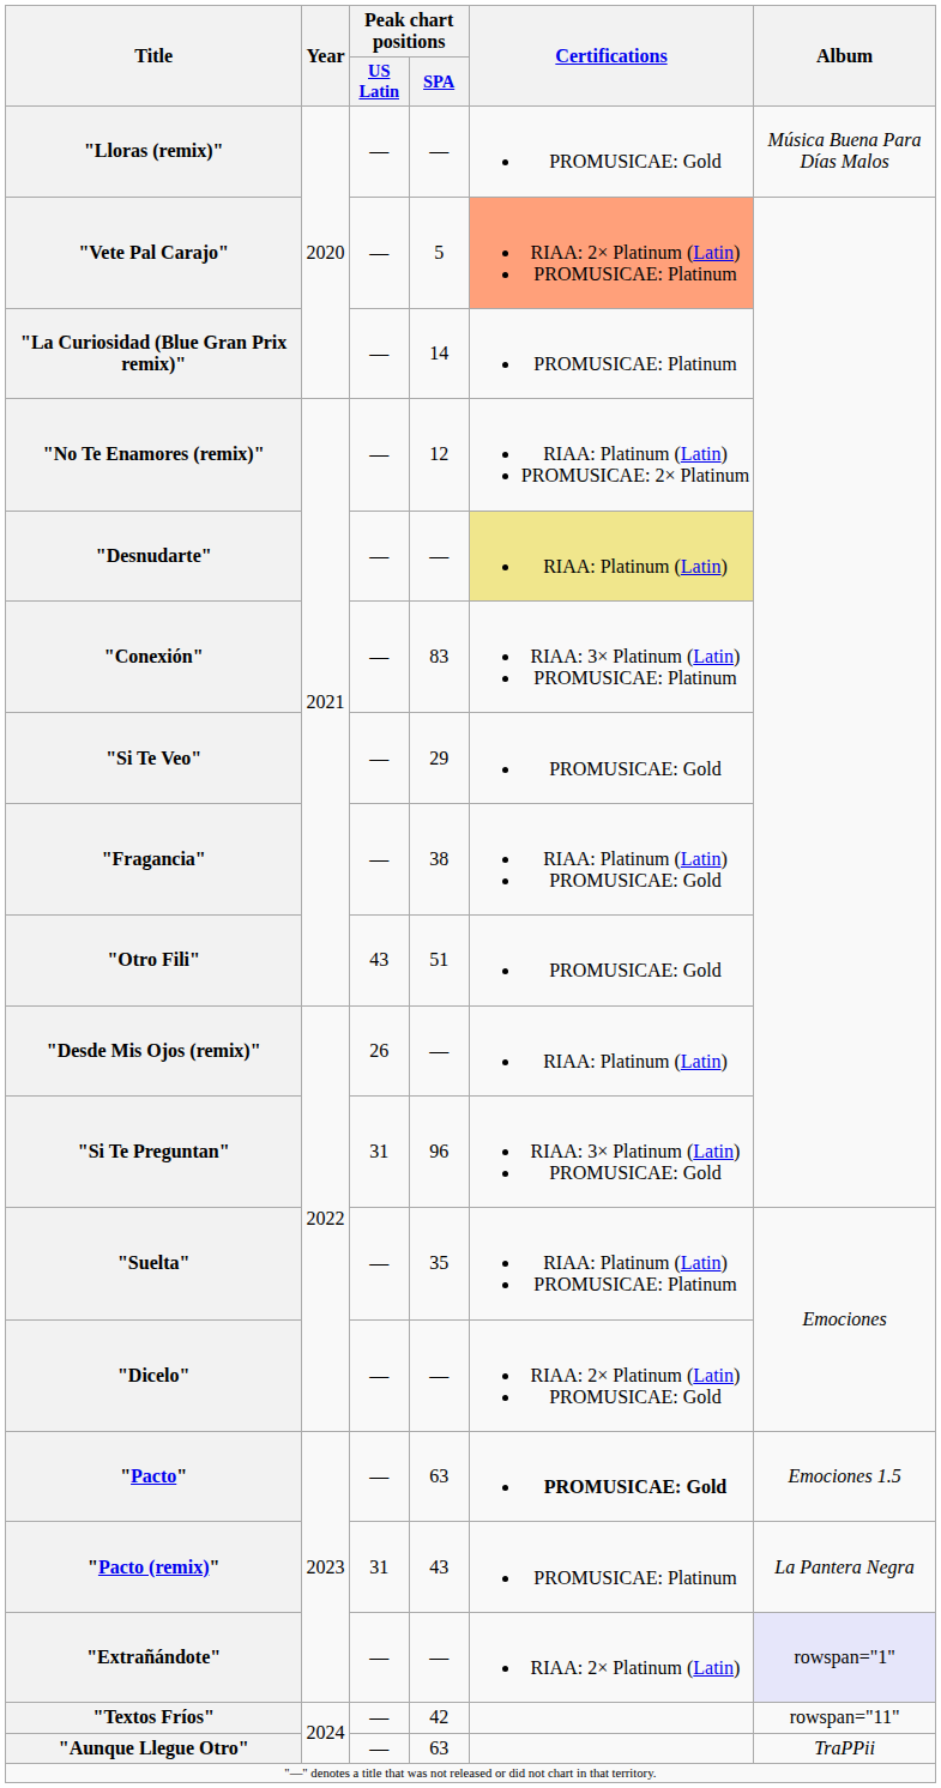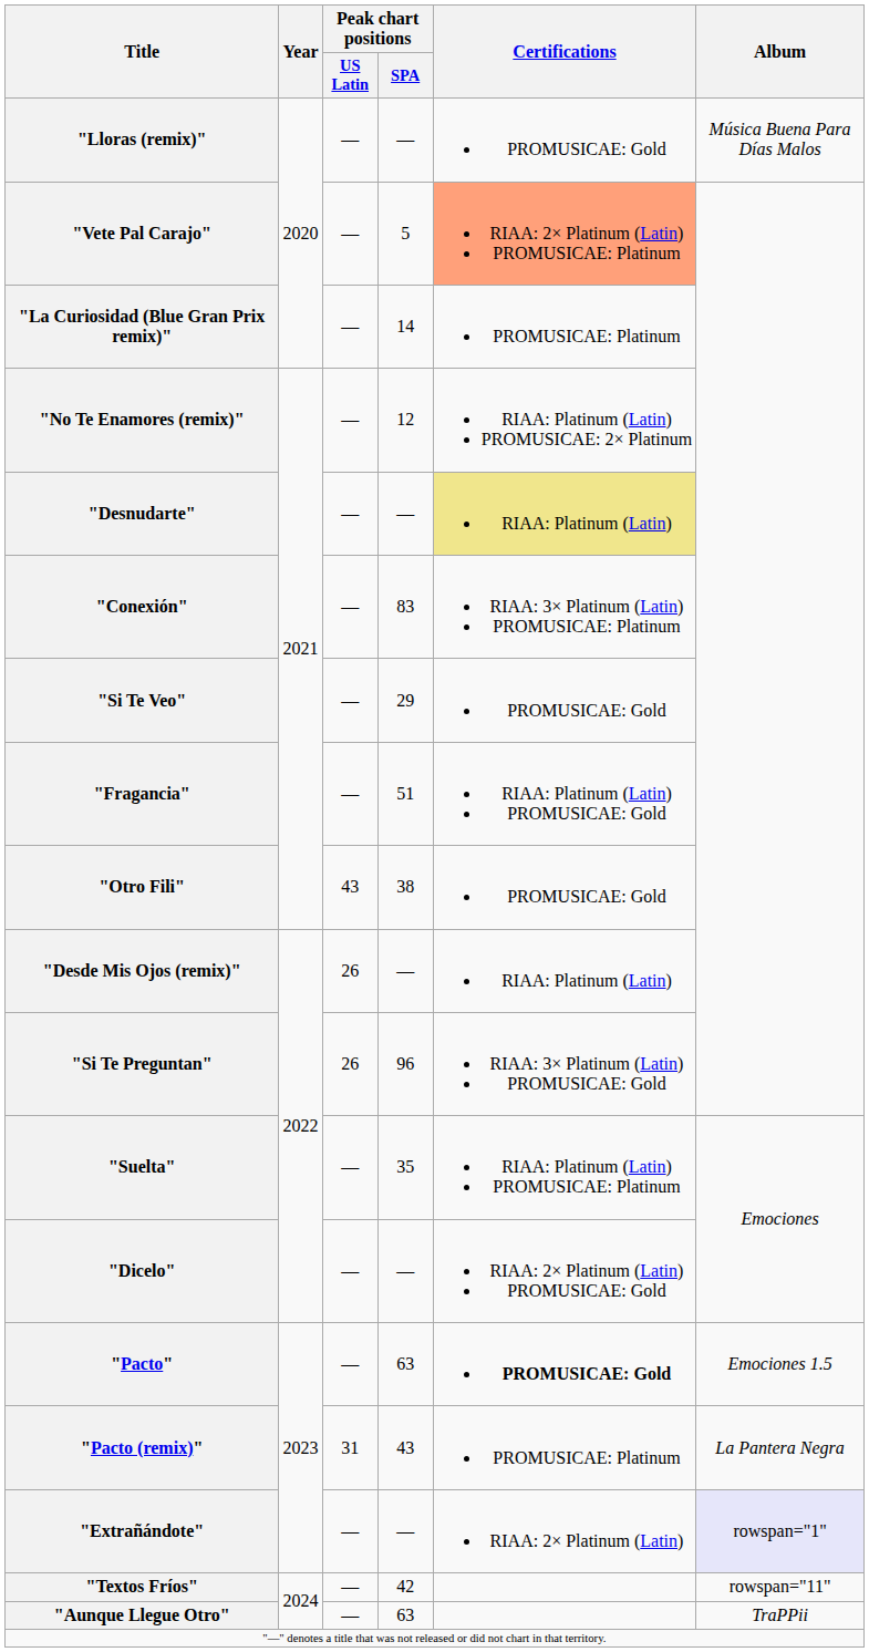 <table class="wikitable plainrowheaders" style="text-align:center;">
 <tr>
 <th scope="col" rowspan="2" style="width:15em;">Title</th>
 <th scope="col" rowspan="2" style="width:1em;">Year</th>
 <th scope="col" colspan="2">Peak chart positions</th>
 <th scope="col" rowspan="2"><a href='#'>Certifications</a></th>
 <th scope="col" rowspan="2" style="width:9em;">Album</th>
 </tr>
 <tr>
 <th scope="col" style="width:3em;font-size:90%;"><a href='#'>US<br>Latin</a><br></th>
 <th scope="col" style="width:3em;font-size:90%;"><a href='#'>SPA</a><br></th>
 </tr>
 <tr>
 <th scope="row">"Lloras (remix)"<br></th>
 <td rowspan="3">2020</td>
 <td>—</td>
 <td>—</td>
 <td><br><ul><li>PROMUSICAE: Gold</li></ul></td>
 <td><em>Música Buena Para Días Malos</em></td>
 </tr>
 <tr>
 <th scope="row">"Vete Pal Carajo"<br></th>
 <td>—</td>
 <td>5</td>
 <td style="background: lightsalmon;"><br><ul><li>RIAA: 2× Platinum <span>(<a href='#'>Latin</a>)</span></li><li>PROMUSICAE: Platinum</li></ul></td>
 </tr>
 <tr>
 <th scope="row">"La Curiosidad (Blue Gran Prix remix)"<br></th>
 <td>—</td>
 <td>14</td>
 <td><br><ul><li>PROMUSICAE: Platinum</li></ul></td>
 </tr>
 <tr>
 <th scope="row">"No Te Enamores (remix)"<br></th>
 <td rowspan="6">2021</td>
 <td>—</td>
 <td>12</td>
 <td><br><ul><li>RIAA: Platinum <span>(<a href='#'>Latin</a>)</span></li><li>PROMUSICAE: 2× Platinum</li></ul></td>
 </tr>
 <tr>
 <th scope="row">"Desnudarte"<br></th>
 <td>—</td>
 <td>—</td>
 <td style="background: khaki;"><br><ul><li>RIAA: Platinum <span>(<a href='#'>Latin</a>)</span></li></ul></td>
 </tr>
 <tr>
 <th scope="row">"Conexión"<br></th>
 <td>—</td>
 <td>83</td>
 <td><br><ul><li>RIAA: 3× Platinum <span>(<a href='#'>Latin</a>)</span></li><li>PROMUSICAE: Platinum</li></ul></td>
 </tr>
 <tr>
 <th scope="row">"Si Te Veo"<br></th>
 <td>—</td>
 <td>29</td>
 <td><br><ul><li>PROMUSICAE: Gold</li></ul></td>
 </tr>
 <tr>
 <th scope="row">"Fragancia"<br></th>
 <td>—</td>
-<td>38</td>
+<td>51</td>
 <td><br><ul><li>RIAA: Platinum <span>(<a href='#'>Latin</a>)</span></li><li>PROMUSICAE: Gold</li></ul></td>
 </tr>
 <tr>
 <th scope="row">"Otro Fili"<br></th>
 <td>43</td>
-<td>51</td>
+<td>38</td>
 <td><br><ul><li>PROMUSICAE: Gold</li></ul></td>
 </tr>
 <tr>
 <th scope="row">"Desde Mis Ojos (remix)"<br></th>
 <td rowspan="4">2022</td>
 <td>26</td>
 <td>—</td>
 <td><br><ul><li>RIAA: Platinum <span>(<a href='#'>Latin</a>)</span></li></ul></td>
 </tr>
 <tr>
 <th scope="row">"Si Te Preguntan"<br></th>
-<td>31</td>
+<td>26</td>
 <td>96</td>
 <td><br><ul><li>RIAA: 3× Platinum <span>(<a href='#'>Latin</a>)</span></li><li>PROMUSICAE: Gold</li></ul></td>
 </tr>
 <tr>
 <th scope="row">"Suelta"<br></th>
 <td>—</td>
 <td>35</td>
 <td><br><ul><li>RIAA: Platinum <span>(<a href='#'>Latin</a>)</span></li><li>PROMUSICAE: Platinum</li></ul></td>
 <td rowspan = 2><em>Emociones</em></td>
 </tr>
 <tr>
 <th scope="row">"Dicelo"<br></th>
 <td>—</td>
 <td>—</td>
 <td><br><ul><li>RIAA: 2× Platinum <span>(<a href='#'>Latin</a>)</span></li><li>PROMUSICAE: Gold</li></ul></td>
 </tr>
 <tr>
 <th scope="row">"<a href='#'>Pacto</a>"<br></th>
 <td rowspan="3">2023</td>
 <td>—</td>
 <td>63</td>
 <td><strong><br><ul><li>PROMUSICAE: Gold</li></ul></strong></td>
 <td><em>Emociones 1.5</em></td>
 </tr>
 <tr>
 <th scope="row">"<a href='#'>Pacto (remix)</a>"<br></th>
 <td>31</td>
 <td>43</td>
 <td><br><ul><li>PROMUSICAE: Platinum</li></ul></td>
 <td><em>La Pantera Negra</em></td>
 </tr>
 <tr>
 <th scope="row">"Extrañándote"<br></th>
 <td>—</td>
 <td>—</td>
 <td><br><ul><li>RIAA: 2× Platinum <span>(<a href='#'>Latin</a>)</span></li></ul></td>
 <td style="background: lavender;">rowspan="1" </td>
 </tr>
 <tr>
 <th scope="row">"Textos Fríos"<br></th>
 <td rowspan="2">2024</td>
 <td>—</td>
 <td>42</td>
 <td></td>
 <td>rowspan="11" </td>
 </tr>
 <tr>
 <th scope="row">"Aunque Llegue Otro"<br></th>
 <td>—</td>
 <td>63</td>
 <td></td>
 <td><em>TraPPii</em></td>
 </tr>
 <tr>
 <td colspan="14" style="font-size:8pt;">"—" denotes a title that was not released or did not chart in that territory.</td>
 </tr>
 </table>
